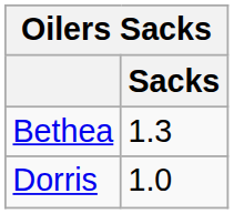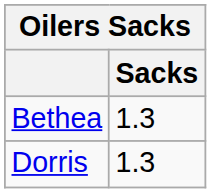 <table class="wikitable">
 <tr>
 <th colspan="2">Oilers Sacks</th>
 </tr>
 <tr>
 <th></th>
 <th>Sacks</th>
 </tr>
 <tr>
 <td><a href='#'>Bethea</a></td>
 <td>1.3</td>
 </tr>
 <tr>
 <td><a href='#'>Dorris</a></td>
-<td>1.0</td>
+<td>1.3</td>
 </tr>
 </table>
